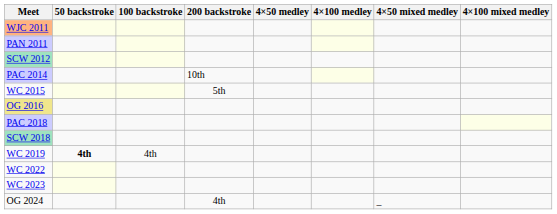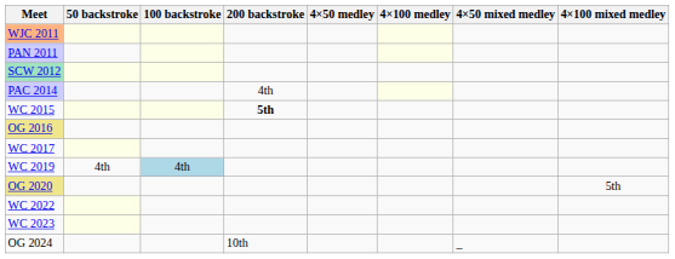 <table class="sortable wikitable">
 <tr>
 <th>Meet</th>
 <th class="unsortable">50 backstroke</th>
 <th class="unsortable">100 backstroke</th>
 <th class="unsortable">200 backstroke</th>
 <th class="unsortable">4×50 medley</th>
 <th class="unsortable">4×100 medley</th>
 <th class="unsortable">4×50 mixed medley</th>
 <th class="unsortable">4×100 mixed medley</th>
 </tr>
 <tr>
 <td style="background:#ffb380"><a href='#'>WJC 2011</a></td>
 <td style="background:#fdffe7"></td>
 <td style="background:#fdffe7"></td>
 <td align="center"></td>
 <td></td>
 <td style="background:#fdffe7"></td>
 <td></td>
 <td></td>
 </tr>
 <tr>
 <td style="background:#ccccff"><a href='#'>PAN 2011</a></td>
 <td></td>
 <td style="background:#fdffe7"></td>
 <td align="center"></td>
 <td></td>
 <td style="background:#fdffe7"></td>
 <td></td>
 <td></td>
 </tr>
 <tr>
 <td style="background:#9fe2bf"><a href='#'>SCW 2012</a></td>
 <td style="background:#fdffe7"></td>
 <td style="background:#fdffe7"></td>
 <td align="center"></td>
 <td></td>
 <td align="center"></td>
 <td></td>
 <td></td>
 </tr>
 <tr>
 <td style="background:#ccccff"><a href='#'>PAC 2014</a></td>
 <td></td>
 <td align="center"></td>
-<td>10th</td>
+<td align="center">4th</td>
 <td></td>
 <td style="background:#fdffe7"></td>
 <td></td>
 <td></td>
 </tr>
 <tr>
 <td><a href='#'>WC 2015</a></td>
 <td style="background:#fdffe7"></td>
 <td style="background:#fdffe7"></td>
-<td align="center">5th</td>
+<td align="center"><strong>5th</strong></td>
 <td></td>
 <td align="center"></td>
 <td></td>
 <td align="center"></td>
 </tr>
 <tr>
 <td style="background:#f0e68c"><a href='#'>OG 2016</a></td>
 <td></td>
 <td align="center"></td>
 <td align="center"></td>
 <td></td>
 <td align="center"></td>
 <td></td>
 <td></td>
 </tr>
 <tr>
-<td style="background:#ccccff"><a href='#'>PAC 2018</a></td>
+<td><a href='#'>WC 2017</a></td>
+<td style="background:#fdffe7"></td>
+<td align="center"></td>
+<td align="center"></td>
+<td></td>
+<td align="center"></td>
+<td></td>
+<td align="center"></td>
+</tr>
+<tr>
+<td><a href='#'>WC 2019</a></td>
+<td align="center">4th</td>
+<td align="center" style="background: lightblue;">4th</td>
+<td align="center"></td>
+<td></td>
+<td align="center"></td>
+<td></td>
+<td align="center"></td>
+</tr>
+<tr>
+<td style="background:#f0e68c"><a href='#'>OG 2020</a></td>
 <td></td>
 <td align="center"></td>
 <td align="center"></td>
 <td></td>
 <td align="center"></td>
 <td></td>
-<td style="background:#fdffe7"></td>
-</tr>
-<tr>
-<td style="background:#9fe2bf"><a href='#'>SCW 2018</a></td>
-<td align="center"></td>
-<td align="center"></td>
-<td align="center"></td>
-<td align="center"></td>
-<td align="center"></td>
-<td align="center"></td>
-<td></td>
-</tr>
-<tr>
-<td><a href='#'>WC 2019</a></td>
-<td align="center"><strong>4th</strong></td>
-<td align="center">4th</td>
-<td align="center"></td>
-<td></td>
-<td align="center"></td>
-<td></td>
-<td align="center"></td>
+<td align="center">5th</td>
 </tr>
 <tr>
 <td><a href='#'>WC 2022</a></td>
 <td style="background:#fdffe7"></td>
 <td align="center"></td>
 <td align="center"></td>
 <td></td>
 <td align="center"></td>
 <td></td>
 <td align="center"></td>
 </tr>
 <tr>
 <td><a href='#'>WC 2023</a></td>
 <td style="background:#fdffe7"></td>
 <td align="center"></td>
 <td align="center"></td>
 <td></td>
 <td align="center"></td>
 <td></td>
 <td align="center"></td>
 </tr>
 <tr>
 <td>OG 2024</td>
 <td></td>
 <td></td>
-<td align="center">4th</td>
+<td>10th</td>
 <td></td>
 <td></td>
 <td>_</td>
 <td></td>
 </tr>
 </table>
